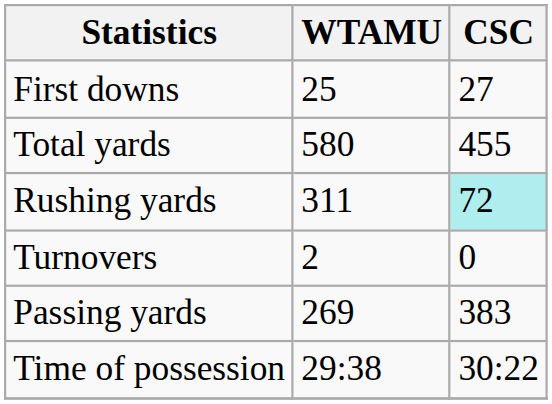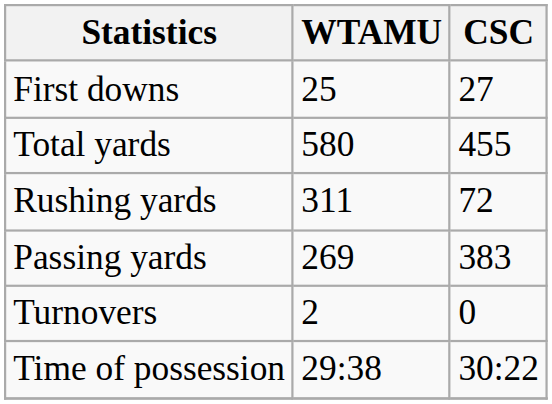 <table class="wikitable">
 <tr>
 <th>Statistics</th>
 <th>WTAMU</th>
 <th>CSC</th>
 </tr>
 <tr>
 <td>First downs</td>
 <td>25</td>
 <td>27</td>
 </tr>
 <tr>
 <td>Total yards</td>
 <td>580</td>
 <td>455</td>
 </tr>
 <tr>
 <td>Rushing yards</td>
 <td>311</td>
-<td style="background: paleturquoise;">72</td>
+<td>72</td>
+</tr>
+<tr>
+<td>Passing yards</td>
+<td>269</td>
+<td>383</td>
 </tr>
 <tr>
 <td>Turnovers</td>
 <td>2</td>
 <td>0</td>
-</tr>
-<tr>
-<td>Passing yards</td>
-<td>269</td>
-<td>383</td>
 </tr>
 <tr>
 <td>Time of possession</td>
 <td>29:38</td>
 <td>30:22</td>
 </tr>
 <tr>
 </tr>
 </table>
